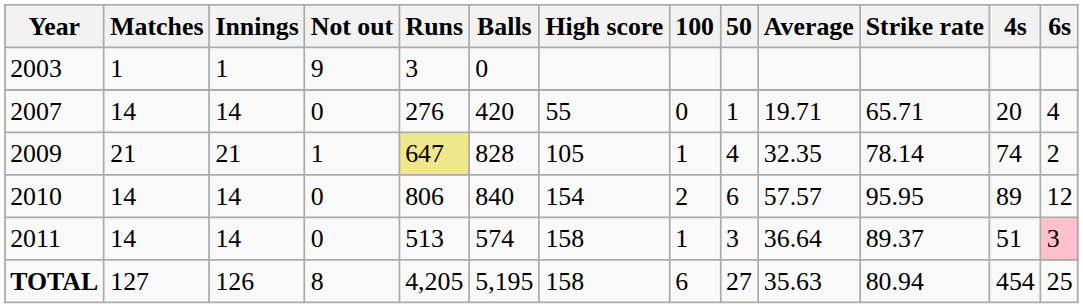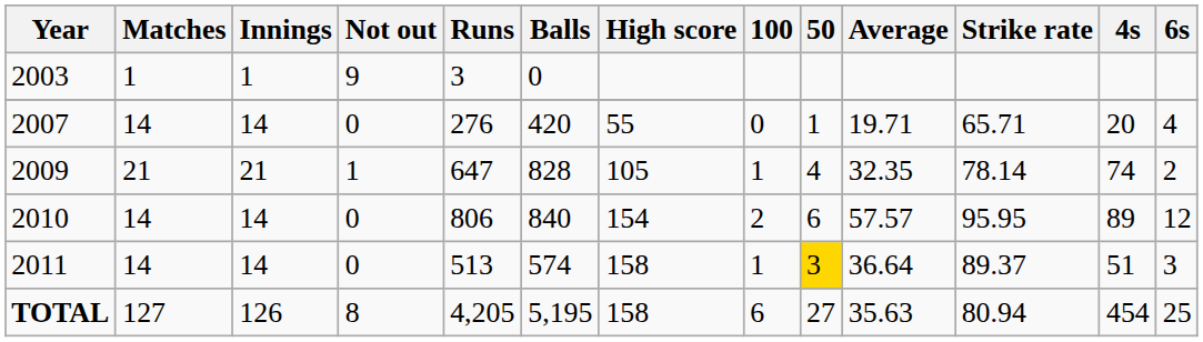 <table class="wikitable sortable"  style="font-size:95%; margin:auto;">
 <tr>
 <th>Year</th>
 <th>Matches</th>
 <th>Innings</th>
 <th>Not out</th>
 <th>Runs</th>
 <th>Balls</th>
 <th>High score</th>
 <th>100</th>
 <th>50</th>
 <th>Average</th>
 <th>Strike rate</th>
 <th>4s</th>
 <th>6s</th>
 </tr>
 <tr>
 <td>2003</td>
 <td>1</td>
 <td>1</td>
 <td 0>9</td>
 <td>3</td>
 <td>0</td>
 <td></td>
 <td></td>
 <td></td>
 <td></td>
 <td></td>
 <td></td>
 <td></td>
 </tr>
 <tr |>
 </tr>
 <tr>
 <td>2007</td>
 <td>14</td>
 <td>14</td>
 <td>0</td>
 <td>276</td>
 <td>420</td>
 <td>55</td>
 <td>0</td>
 <td>1</td>
 <td>19.71</td>
 <td>65.71</td>
 <td>20</td>
 <td>4</td>
 </tr>
 <tr>
 <td>2009</td>
 <td>21</td>
 <td>21</td>
 <td>1</td>
-<td style="background: khaki;">647</td>
+<td>647</td>
 <td>828</td>
 <td>105</td>
 <td>1</td>
 <td>4</td>
 <td>32.35</td>
 <td>78.14</td>
 <td>74</td>
 <td>2</td>
 </tr>
 <tr>
 <td>2010</td>
 <td>14</td>
 <td>14</td>
 <td>0</td>
 <td>806</td>
 <td>840</td>
 <td>154</td>
 <td>2</td>
 <td>6</td>
 <td>57.57</td>
 <td>95.95</td>
 <td>89</td>
 <td>12</td>
 </tr>
 <tr>
 <td>2011</td>
 <td>14</td>
 <td>14</td>
 <td>0</td>
 <td>513</td>
 <td>574</td>
 <td>158</td>
 <td>1</td>
-<td>3</td>
+<td style="background: gold;">3</td>
 <td>36.64</td>
 <td>89.37</td>
 <td>51</td>
-<td style="background: pink;">3</td>
+<td>3</td>
 </tr>
 <tr class="sortbottom">
 <td><strong>TOTAL</strong></td>
 <td>127</td>
 <td>126</td>
 <td>8</td>
 <td>4,205</td>
 <td>5,195</td>
 <td>158</td>
 <td>6</td>
 <td>27</td>
 <td>35.63</td>
 <td>80.94</td>
 <td>454</td>
 <td>25</td>
 </tr>
 </table>
